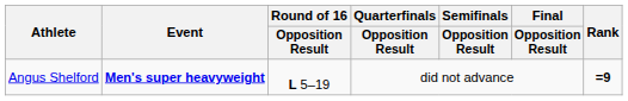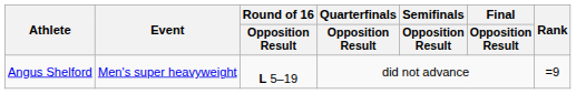 <table class="wikitable" style="font-size:90%;text-align:center;">
 <tr>
 <th rowspan=2>Athlete</th>
 <th rowspan=2>Event</th>
 <th>Round of 16</th>
 <th>Quarterfinals</th>
 <th>Semifinals</th>
 <th>Final</th>
 <th rowspan=2>Rank</th>
 </tr>
 <tr style="font-size:95%">
 <th>Opposition<br>Result</th>
 <th>Opposition<br>Result</th>
 <th>Opposition<br>Result</th>
 <th>Opposition<br>Result</th>
 </tr>
 <tr>
 <td align=left><a href='#'>Angus Shelford</a></td>
-<td align=left><strong><a href='#'>Men's super heavyweight</a></strong></td>
+<td align=left><a href='#'>Men's super heavyweight</a></td>
 <td><br><strong>L</strong> 5–19</td>
 <td colspan=3>did not advance</td>
-<td><strong>=9</strong></td>
+<td>=9</td>
 </tr>
 </table>
